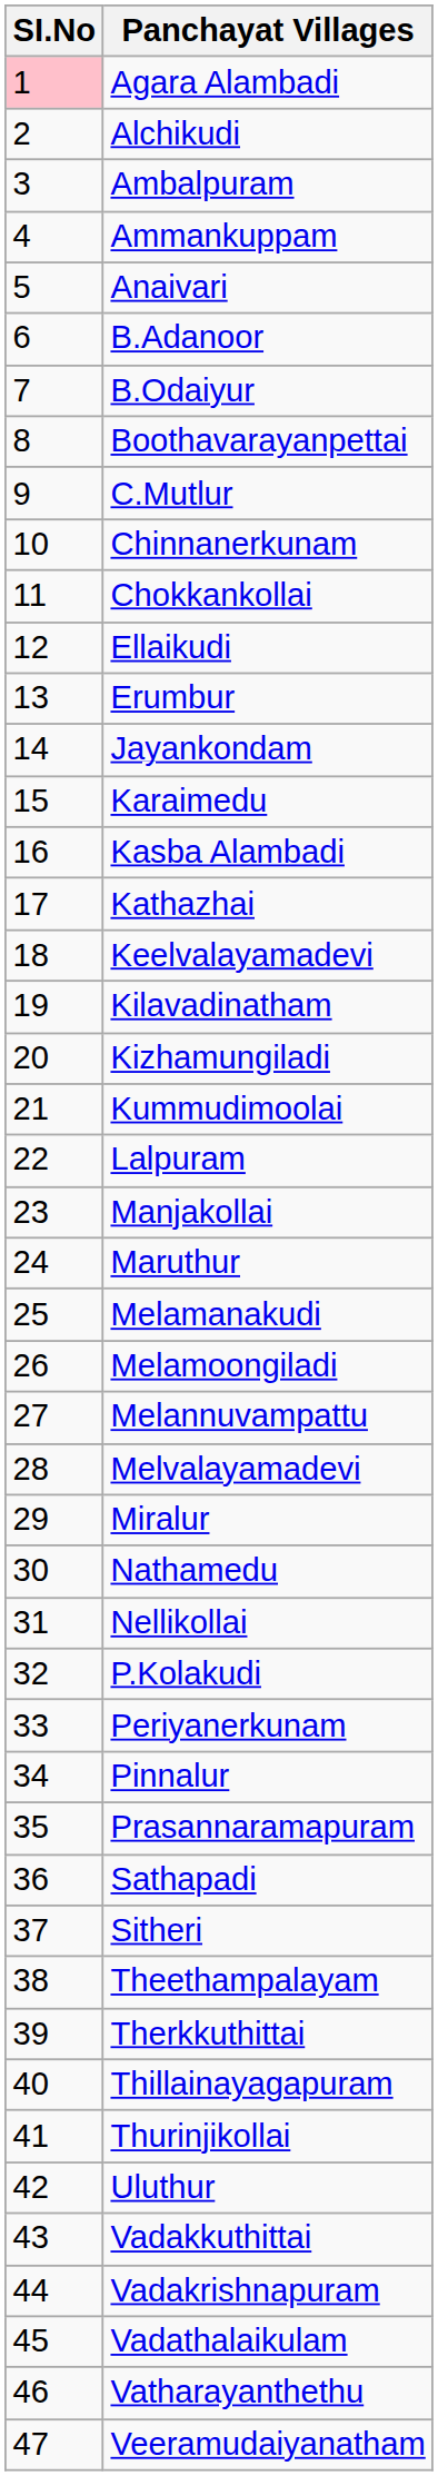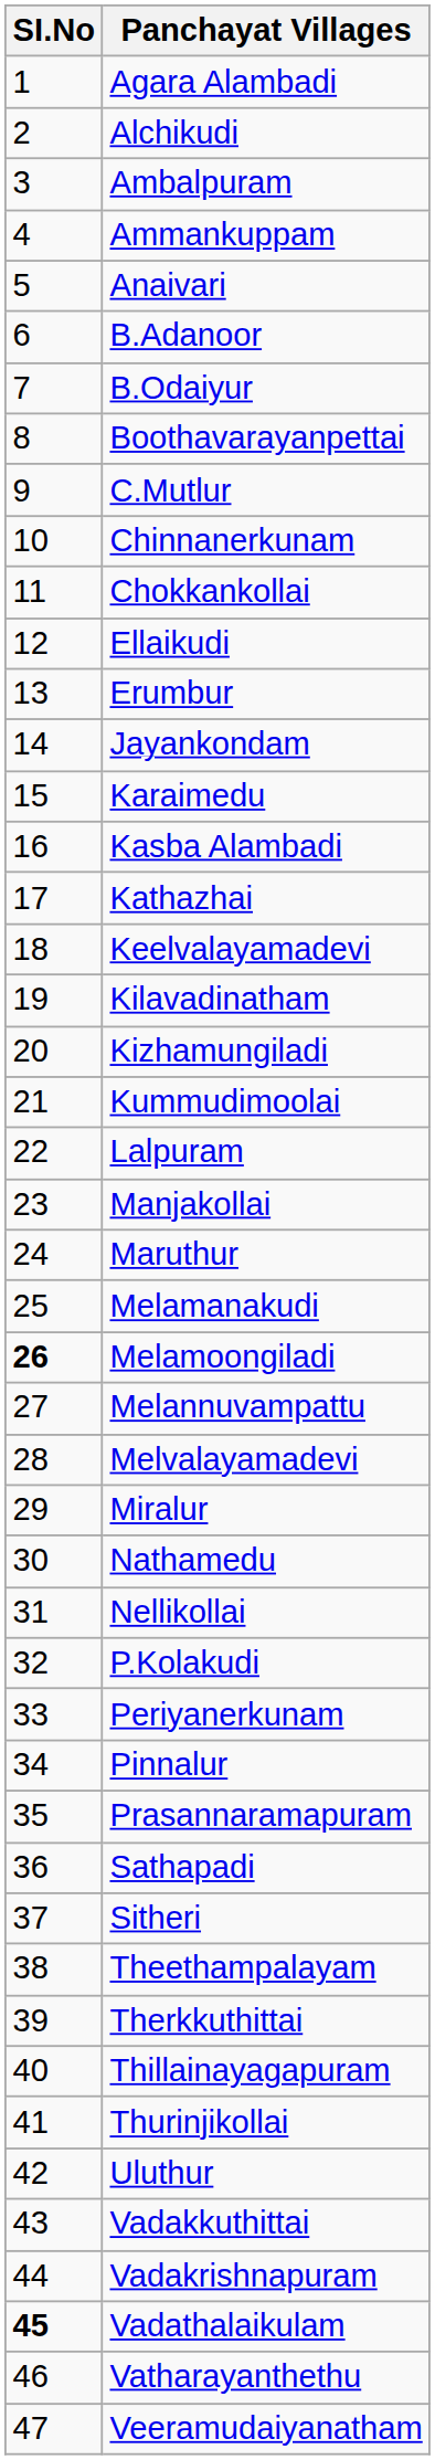 <table class="wikitable sortable">
 <tr>
 <th>SI.No</th>
 <th>Panchayat Villages</th>
 </tr>
 <tr>
-<td style="background: pink;">1</td>
+<td>1</td>
 <td><a href='#'>Agara Alambadi</a></td>
 </tr>
 <tr>
 <td>2</td>
 <td><a href='#'>Alchikudi</a></td>
 </tr>
 <tr>
 <td>3</td>
 <td><a href='#'>Ambalpuram</a></td>
 </tr>
 <tr>
 <td>4</td>
 <td><a href='#'>Ammankuppam</a></td>
 </tr>
 <tr>
 <td>5</td>
 <td><a href='#'>Anaivari</a></td>
 </tr>
 <tr>
 <td>6</td>
 <td><a href='#'>B.Adanoor</a></td>
 </tr>
 <tr>
 <td>7</td>
 <td><a href='#'>B.Odaiyur</a></td>
 </tr>
 <tr>
 <td>8</td>
 <td><a href='#'>Boothavarayanpettai</a></td>
 </tr>
 <tr>
 <td>9</td>
 <td><a href='#'>C.Mutlur</a></td>
 </tr>
 <tr>
 <td>10</td>
 <td><a href='#'>Chinnanerkunam</a></td>
 </tr>
 <tr>
 <td>11</td>
 <td><a href='#'>Chokkankollai</a></td>
 </tr>
 <tr>
 <td>12</td>
 <td><a href='#'>Ellaikudi</a></td>
 </tr>
 <tr>
 <td>13</td>
 <td><a href='#'>Erumbur</a></td>
 </tr>
 <tr>
 <td>14</td>
 <td><a href='#'>Jayankondam</a></td>
 </tr>
 <tr>
 <td>15</td>
 <td><a href='#'>Karaimedu</a></td>
 </tr>
 <tr>
 <td>16</td>
 <td><a href='#'>Kasba Alambadi</a></td>
 </tr>
 <tr>
 <td>17</td>
 <td><a href='#'>Kathazhai</a></td>
 </tr>
 <tr>
 <td>18</td>
 <td><a href='#'>Keelvalayamadevi</a></td>
 </tr>
 <tr>
 <td>19</td>
 <td><a href='#'>Kilavadinatham</a></td>
 </tr>
 <tr>
 <td>20</td>
 <td><a href='#'>Kizhamungiladi</a></td>
 </tr>
 <tr>
 <td>21</td>
 <td><a href='#'>Kummudimoolai</a></td>
 </tr>
 <tr>
 <td>22</td>
 <td><a href='#'>Lalpuram</a></td>
 </tr>
 <tr>
 <td>23</td>
 <td><a href='#'>Manjakollai</a></td>
 </tr>
 <tr>
 <td>24</td>
 <td><a href='#'>Maruthur</a></td>
 </tr>
 <tr>
 <td>25</td>
 <td><a href='#'>Melamanakudi</a></td>
 </tr>
 <tr>
-<td>26</td>
+<td><strong>26</strong></td>
 <td><a href='#'>Melamoongiladi</a></td>
 </tr>
 <tr>
 <td>27</td>
 <td><a href='#'>Melannuvampattu</a></td>
 </tr>
 <tr>
 <td>28</td>
 <td><a href='#'>Melvalayamadevi</a></td>
 </tr>
 <tr>
 <td>29</td>
 <td><a href='#'>Miralur</a></td>
 </tr>
 <tr>
 <td>30</td>
 <td><a href='#'>Nathamedu</a></td>
 </tr>
 <tr>
 <td>31</td>
 <td><a href='#'>Nellikollai</a></td>
 </tr>
 <tr>
 <td>32</td>
 <td><a href='#'>P.Kolakudi</a></td>
 </tr>
 <tr>
 <td>33</td>
 <td><a href='#'>Periyanerkunam</a></td>
 </tr>
 <tr>
 <td>34</td>
 <td><a href='#'>Pinnalur</a></td>
 </tr>
 <tr>
 <td>35</td>
 <td><a href='#'>Prasannaramapuram</a></td>
 </tr>
 <tr>
 <td>36</td>
 <td><a href='#'>Sathapadi</a></td>
 </tr>
 <tr>
 <td>37</td>
 <td><a href='#'>Sitheri</a></td>
 </tr>
 <tr>
 <td>38</td>
 <td><a href='#'>Theethampalayam</a></td>
 </tr>
 <tr>
 <td>39</td>
 <td><a href='#'>Therkkuthittai</a></td>
 </tr>
 <tr>
 <td>40</td>
 <td><a href='#'>Thillainayagapuram</a></td>
 </tr>
 <tr>
 <td>41</td>
 <td><a href='#'>Thurinjikollai</a></td>
 </tr>
 <tr>
 <td>42</td>
 <td><a href='#'>Uluthur</a></td>
 </tr>
 <tr>
 <td>43</td>
 <td><a href='#'>Vadakkuthittai</a></td>
 </tr>
 <tr>
 <td>44</td>
 <td><a href='#'>Vadakrishnapuram</a></td>
 </tr>
 <tr>
-<td>45</td>
+<td><strong>45</strong></td>
 <td><a href='#'>Vadathalaikulam</a></td>
 </tr>
 <tr>
 <td>46</td>
 <td><a href='#'>Vatharayanthethu</a></td>
 </tr>
 <tr>
 <td>47</td>
 <td><a href='#'>Veeramudaiyanatham</a></td>
 </tr>
 </table>
